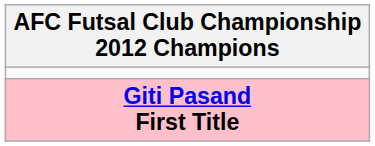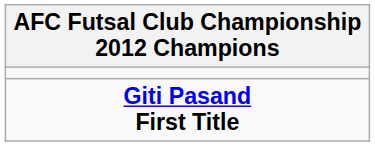 <table class="wikitable" style="text-align: center; margin: 0 auto; width: 20%">
 <tr>
 <th>AFC Futsal Club Championship <br>2012 Champions</th>
 </tr>
 <tr>
 <td></td>
 </tr>
 <tr>
-<td style="background: pink;"><strong><a href='#'>Giti Pasand</a></strong><br><strong>First Title</strong></td>
+<td><strong><a href='#'>Giti Pasand</a></strong><br><strong>First Title</strong></td>
 </tr>
 </table>
